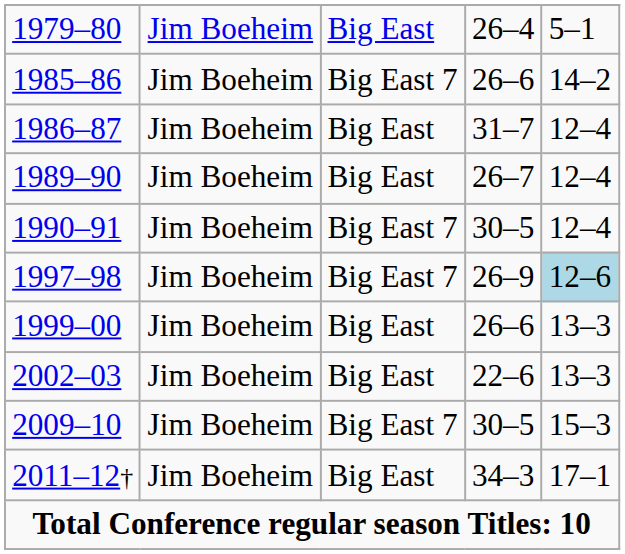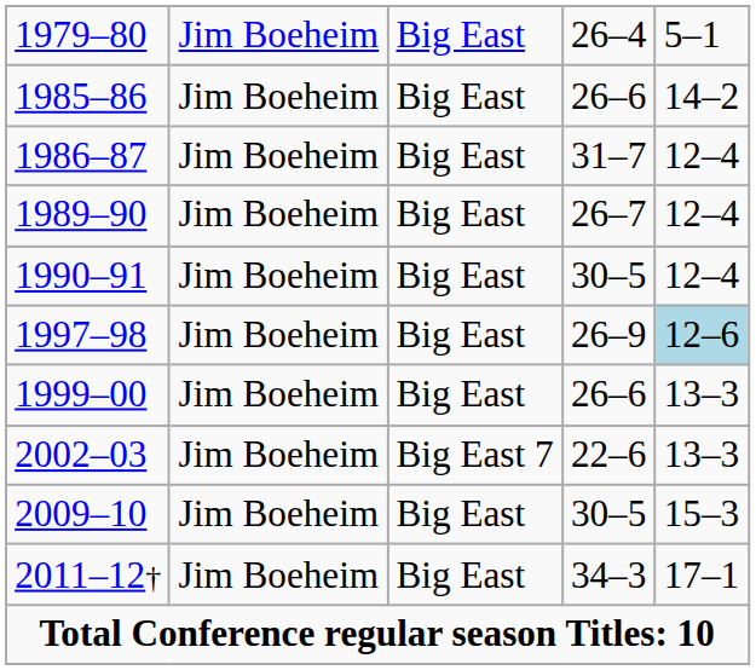 <table class="wikitable">
 <tr>
 </tr>
 <tr>
 <td><a href='#'>1979–80</a></td>
 <td><a href='#'>Jim Boeheim</a></td>
 <td><a href='#'>Big East</a></td>
 <td>26–4</td>
 <td>5–1</td>
 </tr>
 <tr>
 <td><a href='#'>1985–86</a></td>
 <td>Jim Boeheim</td>
-<td>Big East 7</td>
+<td>Big East</td>
 <td>26–6</td>
 <td>14–2</td>
 </tr>
 <tr>
 <td><a href='#'>1986–87</a></td>
 <td>Jim Boeheim</td>
 <td>Big East</td>
 <td>31–7</td>
 <td>12–4</td>
 </tr>
 <tr>
 <td><a href='#'>1989–90</a></td>
 <td>Jim Boeheim</td>
 <td>Big East</td>
 <td>26–7</td>
 <td>12–4</td>
 </tr>
 <tr>
 <td><a href='#'>1990–91</a></td>
 <td>Jim Boeheim</td>
-<td>Big East 7</td>
+<td>Big East</td>
 <td>30–5</td>
 <td>12–4</td>
 </tr>
 <tr>
 <td><a href='#'>1997–98</a></td>
 <td>Jim Boeheim</td>
-<td>Big East 7</td>
+<td>Big East</td>
 <td>26–9</td>
 <td style="background: lightblue;">12–6</td>
 </tr>
 <tr>
 <td><a href='#'>1999–00</a></td>
 <td>Jim Boeheim</td>
 <td>Big East</td>
 <td>26–6</td>
 <td>13–3</td>
 </tr>
 <tr>
 <td><a href='#'>2002–03</a></td>
 <td>Jim Boeheim</td>
-<td>Big East</td>
+<td>Big East 7</td>
 <td>22–6</td>
 <td>13–3</td>
 </tr>
 <tr>
 <td><a href='#'>2009–10</a></td>
 <td>Jim Boeheim</td>
-<td>Big East 7</td>
+<td>Big East</td>
 <td>30–5</td>
 <td>15–3</td>
 </tr>
 <tr>
 <td><a href='#'>2011–12</a><small>†</small></td>
 <td>Jim Boeheim</td>
 <td>Big East</td>
 <td>34–3</td>
 <td>17–1</td>
 </tr>
 <tr style="text-align:center; ">
 <td colspan="5"><strong>Total Conference regular season Titles: 10</strong></td>
 </tr>
 </table>
